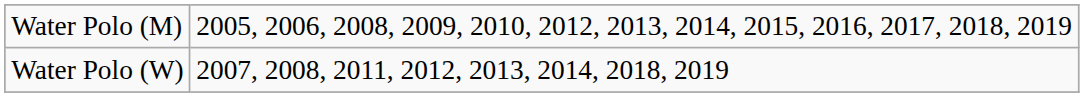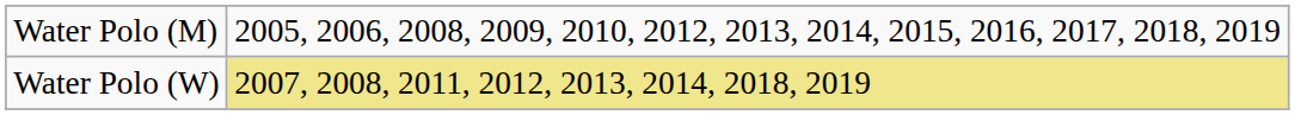 <table class="wikitable">
 <tr>
 <td>Water Polo (M)</td>
 <td>2005, 2006, 2008, 2009, 2010, 2012, 2013, 2014, 2015, 2016, 2017, 2018, 2019</td>
 </tr>
 <tr>
 <td>Water Polo (W)</td>
-<td>2007, 2008, 2011, 2012, 2013, 2014, 2018, 2019</td>
+<td style="background: khaki;">2007, 2008, 2011, 2012, 2013, 2014, 2018, 2019</td>
 </tr>
 </table>
